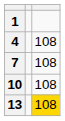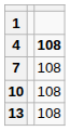 <table class="wikitable">
 <tr>
 <th></th>
 <th></th>
 <th></th>
 </tr>
 <tr>
 <th>1</th>
 <td></td>
 </tr>
 <tr>
 <th>4</th>
 <td></td>
-<td>108</td>
+<td><strong>108</strong></td>
 </tr>
 <tr>
 <th>7</th>
 <td></td>
 <td>108</td>
 </tr>
 <tr>
 <th>10</th>
 <td></td>
 <td>108</td>
 </tr>
 <tr>
 <th>13</th>
 <td></td>
-<td style="background: gold;">108</td>
+<td>108</td>
 </tr>
 </table>
